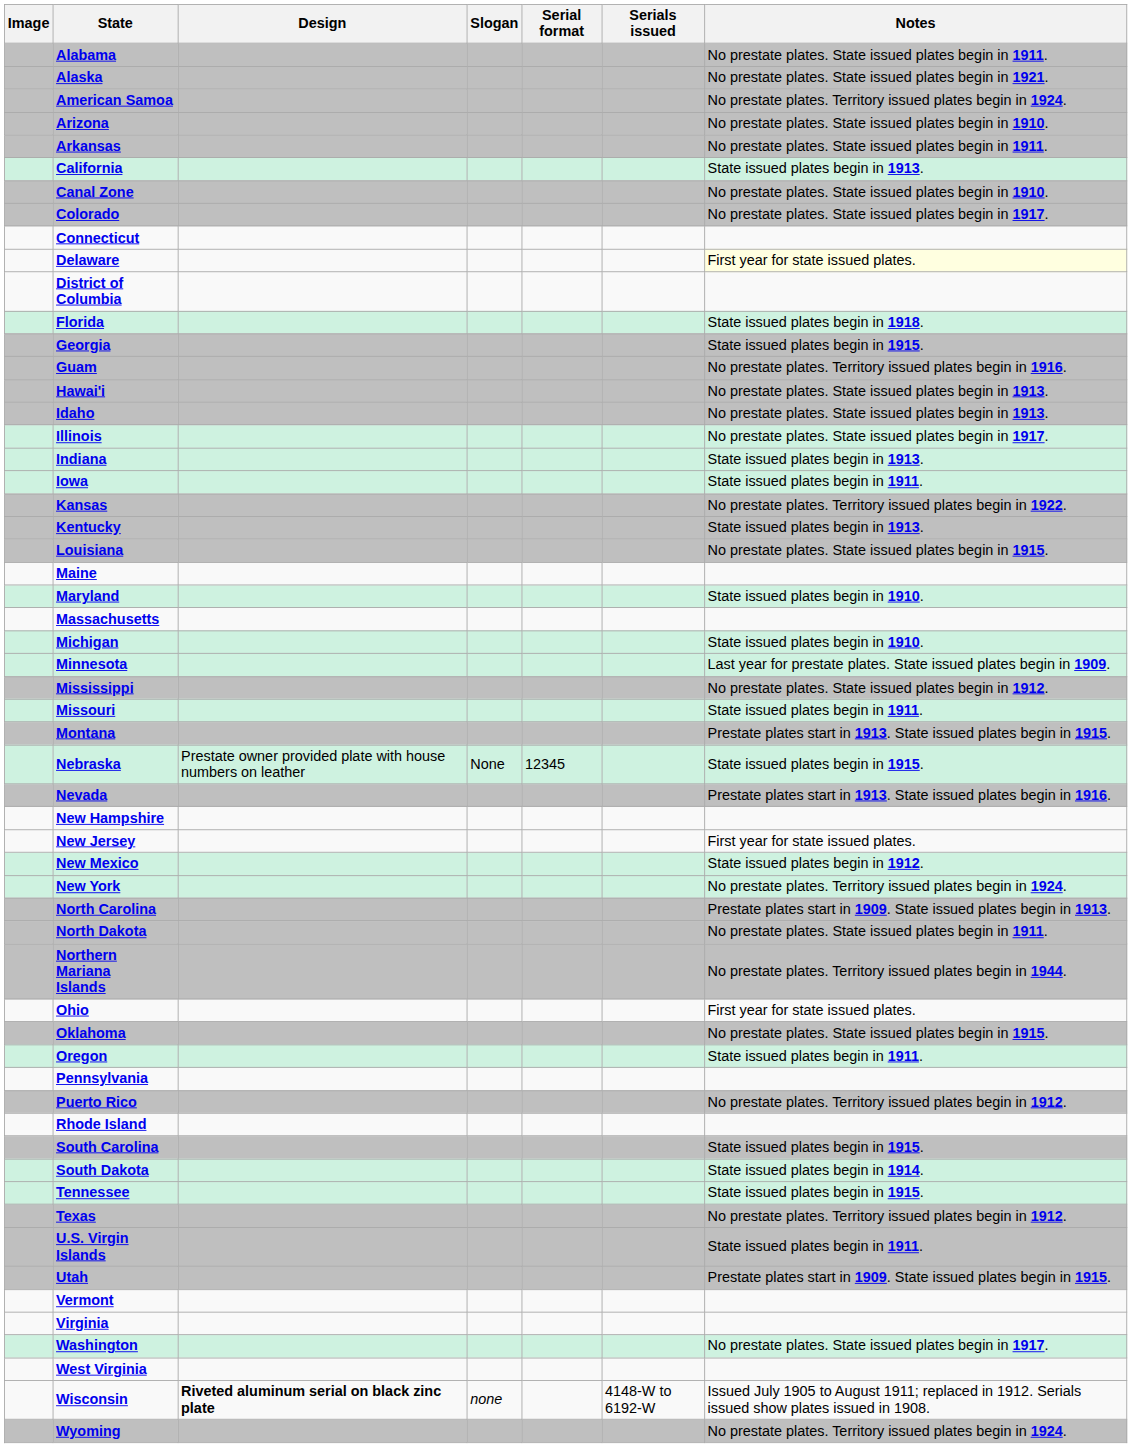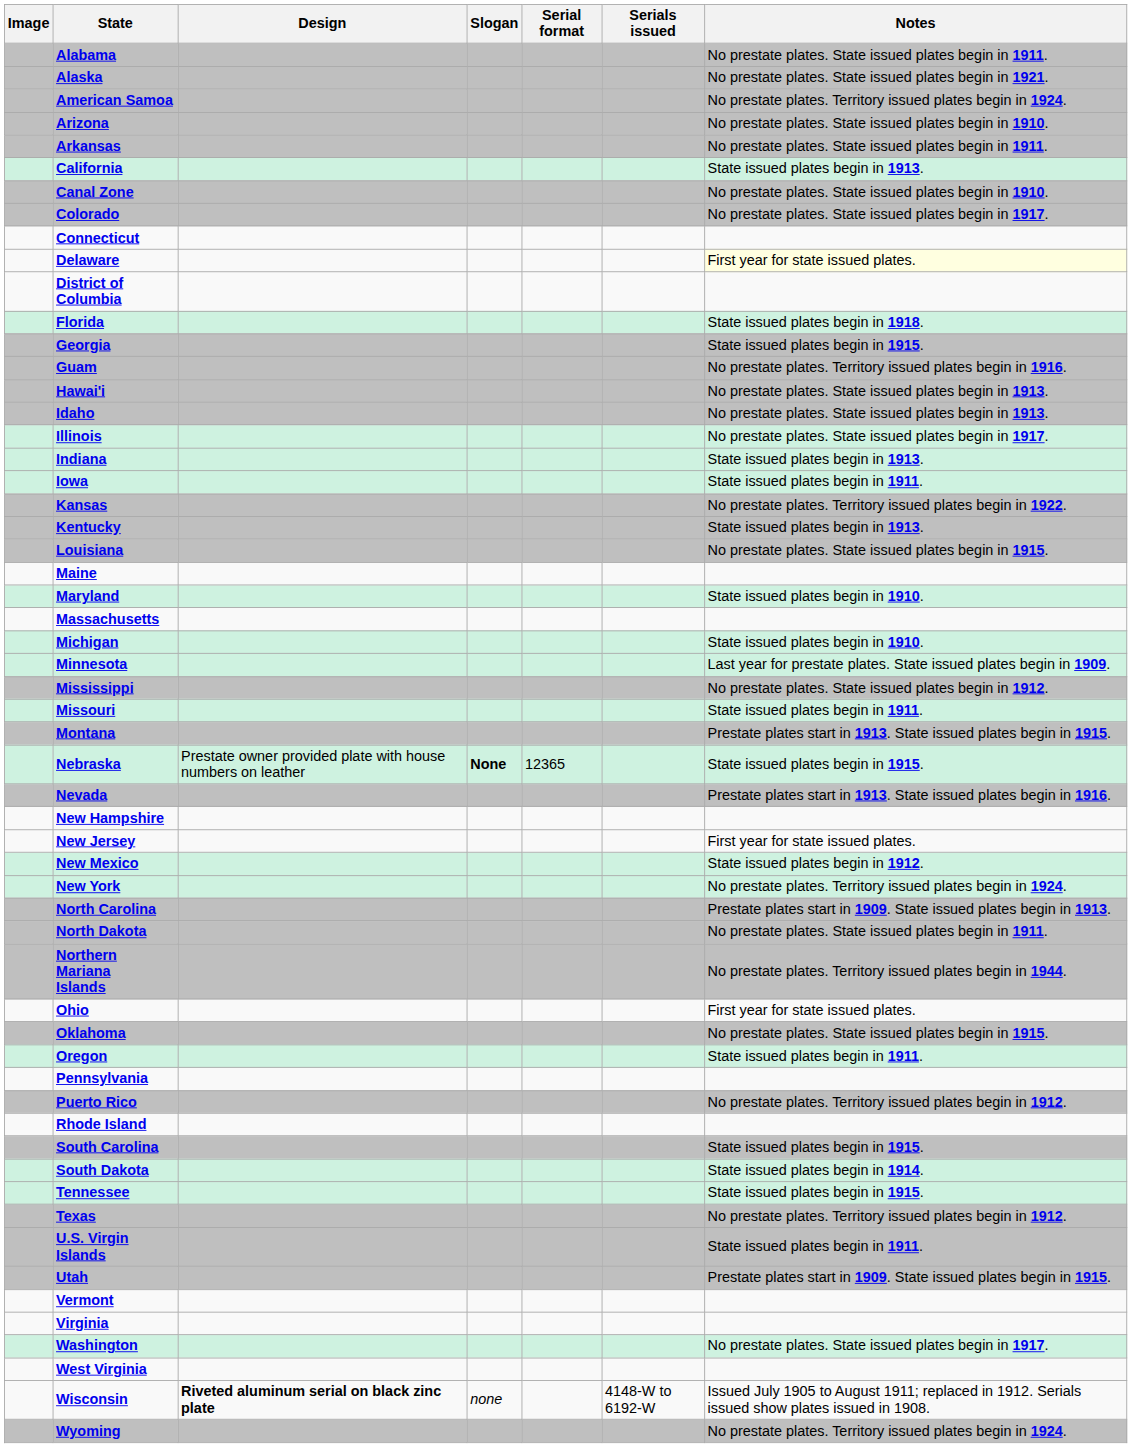 <table class="wikitable">
 <tr>
 <th>Image</th>
 <th>State</th>
 <th>Design</th>
 <th>Slogan</th>
 <th>Serial format</th>
 <th>Serials issued</th>
 <th>Notes</th>
 </tr>
 <tr style="background:#BFBFBF";>
 <td></td>
 <td><strong><a href='#'>Alabama</a></strong></td>
 <td></td>
 <td></td>
 <td></td>
 <td></td>
 <td>No prestate plates. State issued plates begin in <a href='#'><strong>1911</strong></a>.</td>
 </tr>
 <tr style="background:#BFBFBF";>
 <td></td>
 <td><strong><a href='#'>Alaska</a></strong></td>
 <td></td>
 <td></td>
 <td></td>
 <td></td>
 <td>No prestate plates. State issued plates begin in <a href='#'><strong>1921</strong></a>.</td>
 </tr>
 <tr style="background:#BFBFBF";>
 <td></td>
 <td><strong><a href='#'>American Samoa</a></strong></td>
 <td></td>
 <td></td>
 <td></td>
 <td></td>
 <td>No prestate plates. Territory issued plates begin in <a href='#'><strong>1924</strong></a>.</td>
 </tr>
 <tr style="background:#BFBFBF";>
 <td></td>
 <td><strong><a href='#'>Arizona</a></strong></td>
 <td></td>
 <td></td>
 <td></td>
 <td></td>
 <td>No prestate plates. State issued plates begin in <a href='#'><strong>1910</strong></a>.</td>
 </tr>
 <tr style="background:#BFBFBF";>
 <td></td>
 <td><strong><a href='#'>Arkansas</a></strong></td>
 <td></td>
 <td></td>
 <td></td>
 <td></td>
 <td>No prestate plates. State issued plates begin in <a href='#'><strong>1911</strong></a>.</td>
 </tr>
 <tr style="background:#CEF2E0";>
 <td></td>
 <td><strong><a href='#'>California</a></strong></td>
 <td></td>
 <td></td>
 <td></td>
 <td></td>
 <td>State issued plates begin in <a href='#'><strong>1913</strong></a>.</td>
 </tr>
 <tr style="background:#BFBFBF";>
 <td></td>
 <td><strong><a href='#'>Canal Zone</a></strong></td>
 <td></td>
 <td></td>
 <td></td>
 <td></td>
 <td>No prestate plates. State issued plates begin in <a href='#'><strong>1910</strong></a>.</td>
 </tr>
 <tr style="background:#BFBFBF";>
 <td></td>
 <td><strong><a href='#'>Colorado</a></strong></td>
 <td></td>
 <td></td>
 <td></td>
 <td></td>
 <td>No prestate plates. State issued plates begin in <a href='#'><strong>1917</strong></a>.</td>
 </tr>
 <tr>
 <td></td>
 <td><strong><a href='#'>Connecticut</a></strong></td>
 <td></td>
 <td></td>
 <td></td>
 <td></td>
 <td></td>
 </tr>
 <tr>
 <td></td>
 <td><strong><a href='#'>Delaware</a></strong></td>
 <td></td>
 <td></td>
 <td></td>
 <td></td>
 <td style="background: lightyellow;">First year for state issued plates.</td>
 </tr>
 <tr>
 <td></td>
 <td><strong><a href='#'>District of<br>Columbia</a></strong></td>
 <td></td>
 <td></td>
 <td></td>
 <td></td>
 <td></td>
 </tr>
 <tr style="background:#CEF2E0";>
 <td></td>
 <td><strong><a href='#'>Florida</a></strong></td>
 <td></td>
 <td></td>
 <td></td>
 <td></td>
 <td>State issued plates begin in <a href='#'><strong>1918</strong></a>.</td>
 </tr>
 <tr style="background:#BFBFBF";>
 <td></td>
 <td><strong><a href='#'>Georgia</a></strong></td>
 <td></td>
 <td></td>
 <td></td>
 <td></td>
 <td>State issued plates begin in <a href='#'><strong>1915</strong></a>.</td>
 </tr>
 <tr style="background:#BFBFBF";>
 <td></td>
 <td><strong><a href='#'>Guam</a></strong></td>
 <td></td>
 <td></td>
 <td></td>
 <td></td>
 <td>No prestate plates. Territory issued plates begin in <a href='#'><strong>1916</strong></a>.</td>
 </tr>
 <tr style="background:#BFBFBF";>
 <td></td>
 <td><strong><a href='#'>Hawai'i</a></strong></td>
 <td></td>
 <td></td>
 <td></td>
 <td></td>
 <td>No prestate plates. State issued plates begin in <a href='#'><strong>1913</strong></a>.</td>
 </tr>
 <tr style="background:#BFBFBF";>
 <td></td>
 <td><strong><a href='#'>Idaho</a></strong></td>
 <td></td>
 <td></td>
 <td></td>
 <td></td>
 <td>No prestate plates. State issued plates begin in <a href='#'><strong>1913</strong></a>.</td>
 </tr>
 <tr style="background:#CEF2E0;">
 <td></td>
 <td><strong><a href='#'>Illinois</a></strong></td>
 <td></td>
 <td></td>
 <td></td>
 <td></td>
 <td>No prestate plates. State issued plates begin in <a href='#'><strong>1917</strong></a>.</td>
 </tr>
 <tr style="background:#CEF2E0;">
 <td></td>
 <td><strong><a href='#'>Indiana</a></strong></td>
 <td></td>
 <td></td>
 <td></td>
 <td></td>
 <td>State issued plates begin in <a href='#'><strong>1913</strong></a>.</td>
 </tr>
 <tr style="background:#CEF2E0;">
 <td></td>
 <td><strong><a href='#'>Iowa</a></strong></td>
 <td></td>
 <td></td>
 <td></td>
 <td></td>
 <td>State issued plates begin in <a href='#'><strong>1911</strong></a>.</td>
 </tr>
 <tr style="background:#BFBFBF";>
 <td></td>
 <td><strong><a href='#'>Kansas</a></strong></td>
 <td></td>
 <td></td>
 <td></td>
 <td></td>
 <td>No prestate plates. Territory issued plates begin in <a href='#'><strong>1922</strong></a>.</td>
 </tr>
 <tr style="background:#BFBFBF";>
 <td></td>
 <td><strong><a href='#'>Kentucky</a></strong></td>
 <td></td>
 <td></td>
 <td></td>
 <td></td>
 <td>State issued plates begin in <a href='#'><strong>1913</strong></a>.</td>
 </tr>
 <tr style="background:#BFBFBF";>
 <td></td>
 <td><strong><a href='#'>Louisiana</a></strong></td>
 <td></td>
 <td></td>
 <td></td>
 <td></td>
 <td>No prestate plates.  State issued plates begin in <a href='#'><strong>1915</strong></a>.</td>
 </tr>
 <tr>
 <td></td>
 <td><strong><a href='#'>Maine</a></strong></td>
 <td></td>
 <td></td>
 <td></td>
 <td></td>
 <td></td>
 </tr>
 <tr style="background:#CEF2E0;">
 <td></td>
 <td><strong><a href='#'>Maryland</a></strong></td>
 <td></td>
 <td></td>
 <td></td>
 <td></td>
 <td>State issued plates begin in <a href='#'><strong>1910</strong></a>.</td>
 </tr>
 <tr>
 <td></td>
 <td><strong><a href='#'>Massachusetts</a></strong></td>
 <td></td>
 <td></td>
 <td></td>
 <td></td>
 <td></td>
 </tr>
 <tr style="background:#CEF2E0;">
 <td></td>
 <td><strong><a href='#'>Michigan</a></strong></td>
 <td></td>
 <td></td>
 <td></td>
 <td></td>
 <td>State issued plates begin in <a href='#'><strong>1910</strong></a>.</td>
 </tr>
 <tr style="background:#CEF2E0;">
 <td></td>
 <td><strong><a href='#'>Minnesota</a></strong></td>
 <td></td>
 <td></td>
 <td></td>
 <td></td>
 <td>Last year for prestate plates. State issued plates begin in <a href='#'><strong>1909</strong></a>.</td>
 </tr>
 <tr style="background:#BFBFBF";>
 <td></td>
 <td><strong><a href='#'>Mississippi</a></strong></td>
 <td></td>
 <td></td>
 <td></td>
 <td></td>
 <td>No prestate plates. State issued plates begin in <a href='#'><strong>1912</strong></a>.</td>
 </tr>
 <tr style="background:#CEF2E0;">
 <td></td>
 <td><strong><a href='#'>Missouri</a></strong></td>
 <td></td>
 <td></td>
 <td></td>
 <td></td>
 <td>State issued plates begin in <a href='#'><strong>1911</strong></a>.</td>
 </tr>
 <tr style="background:#BFBFBF";>
 <td></td>
 <td><strong><a href='#'>Montana</a></strong></td>
 <td></td>
 <td></td>
 <td></td>
 <td></td>
 <td>Prestate plates start in <a href='#'><strong>1913</strong></a>. State issued plates begin in <a href='#'><strong>1915</strong></a>.</td>
 </tr>
 <tr style="background:#CEF2E0;">
 <td></td>
 <td><strong><a href='#'>Nebraska</a></strong></td>
 <td>Prestate owner provided plate with house numbers on leather</td>
-<td>None</td>
-<td>12345</td>
+<td><strong>None</strong></td>
+<td>12365</td>
 <td></td>
 <td>State issued plates begin in <a href='#'><strong>1915</strong></a>.</td>
 </tr>
 <tr style="background:#BFBFBF";>
 <td></td>
 <td><strong><a href='#'>Nevada</a></strong></td>
 <td></td>
 <td></td>
 <td></td>
 <td></td>
 <td>Prestate plates start in <a href='#'><strong>1913</strong></a>. State issued plates begin in <a href='#'><strong>1916</strong></a>.</td>
 </tr>
 <tr>
 <td></td>
 <td><strong><a href='#'>New Hampshire</a></strong></td>
 <td></td>
 <td></td>
 <td></td>
 <td></td>
 <td></td>
 </tr>
 <tr>
 <td></td>
 <td><strong><a href='#'>New Jersey</a></strong></td>
 <td></td>
 <td></td>
 <td></td>
 <td></td>
 <td>First year for state issued plates.</td>
 </tr>
 <tr style="background:#CEF2E0;">
 <td></td>
 <td><strong><a href='#'>New Mexico</a></strong></td>
 <td></td>
 <td></td>
 <td></td>
 <td></td>
 <td>State issued plates begin in <a href='#'><strong>1912</strong></a>.</td>
 </tr>
 <tr style="background:#CEF2E0;">
 <td></td>
 <td><strong><a href='#'>New York</a></strong></td>
 <td></td>
 <td></td>
 <td></td>
 <td></td>
 <td>No prestate plates. Territory issued plates begin in <a href='#'><strong>1924</strong></a>.</td>
 </tr>
 <tr style="background:#BFBFBF";>
 <td></td>
 <td><strong><a href='#'>North Carolina</a></strong></td>
 <td></td>
 <td></td>
 <td></td>
 <td></td>
 <td>Prestate plates start in <a href='#'><strong>1909</strong></a>. State issued plates begin in <a href='#'><strong>1913</strong></a>.</td>
 </tr>
 <tr style="background:#BFBFBF";>
 <td></td>
 <td><strong><a href='#'>North Dakota</a></strong></td>
 <td></td>
 <td></td>
 <td></td>
 <td></td>
 <td>No prestate plates. State issued plates begin in <a href='#'><strong>1911</strong></a>.</td>
 </tr>
 <tr style="background:#BFBFBF";>
 <td></td>
 <td><strong><a href='#'>Northern Mariana<br> Islands</a></strong></td>
 <td></td>
 <td></td>
 <td></td>
 <td></td>
 <td>No prestate plates. Territory issued plates begin in <a href='#'><strong>1944</strong></a>.</td>
 </tr>
 <tr>
 <td></td>
 <td><strong><a href='#'>Ohio</a></strong></td>
 <td></td>
 <td></td>
 <td></td>
 <td></td>
 <td>First year for state issued plates.</td>
 </tr>
 <tr style="background:#BFBFBF";>
 <td></td>
 <td><strong><a href='#'>Oklahoma</a></strong></td>
 <td></td>
 <td></td>
 <td></td>
 <td></td>
 <td>No prestate plates. State issued plates begin in <a href='#'><strong>1915</strong></a>.</td>
 </tr>
 <tr style="background:#CEF2E0";>
 <td></td>
 <td><strong><a href='#'>Oregon</a></strong></td>
 <td></td>
 <td></td>
 <td></td>
 <td></td>
 <td>State issued plates begin in <a href='#'><strong>1911</strong></a>.</td>
 </tr>
 <tr>
 <td></td>
 <td><strong><a href='#'>Pennsylvania</a></strong></td>
 <td></td>
 <td></td>
 <td></td>
 <td></td>
 <td></td>
 </tr>
 <tr style="background:#BFBFBF";>
 <td></td>
 <td><strong><a href='#'>Puerto Rico</a></strong></td>
 <td></td>
 <td></td>
 <td></td>
 <td></td>
 <td>No prestate plates. Territory issued plates begin in <a href='#'><strong>1912</strong></a>.</td>
 </tr>
 <tr>
 <td></td>
 <td><strong><a href='#'>Rhode Island</a></strong></td>
 <td></td>
 <td></td>
 <td></td>
 <td></td>
 <td></td>
 </tr>
 <tr style="background:#BFBFBF";>
 <td></td>
 <td><strong><a href='#'>South Carolina</a></strong></td>
 <td></td>
 <td></td>
 <td></td>
 <td></td>
 <td>State issued plates begin in <a href='#'><strong>1915</strong></a>.</td>
 </tr>
 <tr style="background:#CEF2E0";>
 <td></td>
 <td><strong><a href='#'>South Dakota</a></strong></td>
 <td></td>
 <td></td>
 <td></td>
 <td></td>
 <td>State issued plates begin in <a href='#'><strong>1914</strong></a>.</td>
 </tr>
 <tr style="background:#CEF2E0";>
 <td></td>
 <td><strong><a href='#'>Tennessee</a></strong></td>
 <td></td>
 <td></td>
 <td></td>
 <td></td>
 <td>State issued plates begin in <a href='#'><strong>1915</strong></a>.</td>
 </tr>
 <tr style="background:#BFBFBF">
 <td></td>
 <td><strong><a href='#'>Texas</a></strong></td>
 <td></td>
 <td></td>
 <td></td>
 <td></td>
 <td>No prestate plates. Territory issued plates begin in <a href='#'><strong>1912</strong></a>.</td>
 </tr>
 <tr style="background:#BFBFBF">
 <td></td>
 <td><strong><a href='#'>U.S. Virgin Islands</a></strong></td>
 <td></td>
 <td></td>
 <td></td>
 <td></td>
 <td>State issued plates begin in <a href='#'><strong>1911</strong></a>.</td>
 </tr>
 <tr style="background:#BFBFBF">
 <td></td>
 <td><strong><a href='#'>Utah</a></strong></td>
 <td></td>
 <td></td>
 <td></td>
 <td></td>
 <td>Prestate plates start in <a href='#'><strong>1909</strong></a>. State issued plates begin in <a href='#'><strong>1915</strong></a>.</td>
 </tr>
 <tr>
 <td></td>
 <td><strong><a href='#'>Vermont</a></strong></td>
 <td></td>
 <td></td>
 <td></td>
 <td></td>
 <td></td>
 </tr>
 <tr>
 <td></td>
 <td><strong><a href='#'>Virginia</a></strong></td>
 <td></td>
 <td></td>
 <td></td>
 <td></td>
 <td></td>
 </tr>
 <tr style="background:#CEF2E0";>
 <td></td>
 <td><strong><a href='#'>Washington</a></strong></td>
 <td></td>
 <td></td>
 <td></td>
 <td></td>
 <td>No prestate plates. State issued plates begin in <a href='#'><strong>1917</strong></a>.</td>
 </tr>
 <tr>
 <td></td>
 <td><strong><a href='#'>West Virginia</a></strong></td>
 <td></td>
 <td></td>
 <td></td>
 <td></td>
 <td></td>
 </tr>
 <tr>
 <td></td>
 <td><strong><a href='#'>Wisconsin</a></strong></td>
 <td><strong>Riveted aluminum serial on black zinc plate</strong></td>
 <td><em>none</em></td>
 <td></td>
 <td>4148-W to 6192-W</td>
 <td>Issued July 1905 to August 1911; replaced in 1912. Serials issued show plates issued in 1908.</td>
 </tr>
 <tr style="background:#BFBFBF";>
 <td></td>
 <td><strong><a href='#'>Wyoming</a></strong></td>
 <td></td>
 <td></td>
 <td></td>
 <td></td>
 <td>No prestate plates. Territory issued plates begin in <a href='#'><strong>1924</strong></a>.</td>
 </tr>
 </table>
